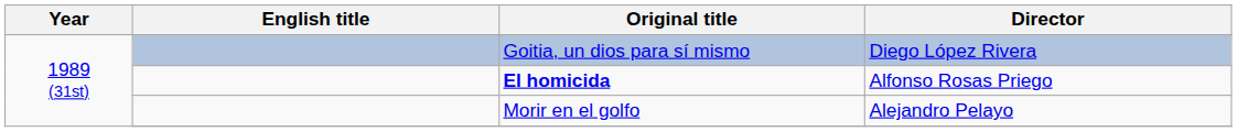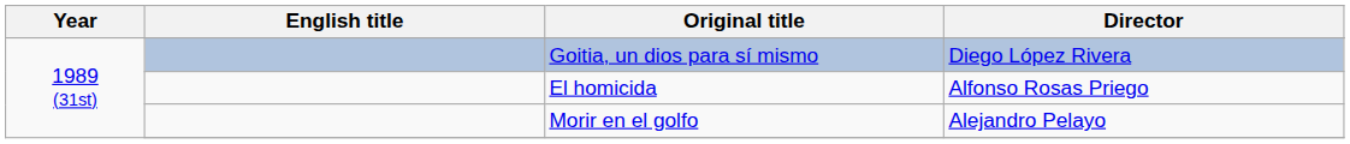 <table class="wikitable">
 <tr>
 <th width="100"><strong>Year</strong></th>
 <th width="300"><strong>English title</strong></th>
 <th width="300"><strong>Original title</strong></th>
 <th width="300"><strong>Director</strong></th>
 </tr>
 <tr>
 <td rowspan="6" style="text-align:center;"><a href='#'>1989</a><br><small><a href='#'>(31st)</a></small></td>
 </tr>
 <tr style="background:#B0C4DE;">
 <td></td>
 <td><a href='#'>Goitia, un dios para sí mismo</a></td>
 <td><a href='#'>Diego López Rivera</a></td>
 </tr>
 <tr>
 <td></td>
-<td><strong><a href='#'>El homicida</a></strong></td>
+<td><a href='#'>El homicida</a></td>
 <td><a href='#'>Alfonso Rosas Priego</a></td>
 </tr>
 <tr>
 <td></td>
 <td><a href='#'>Morir en el golfo</a></td>
 <td><a href='#'>Alejandro Pelayo</a></td>
 </tr>
 <tr>
 </tr>
 </table>
